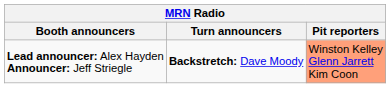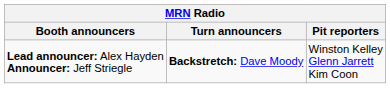 <table class="wikitable" style="font-size: 95%;">
 <tr>
 <th colspan="3"><a href='#'>MRN</a> Radio</th>
 </tr>
 <tr>
 <th>Booth announcers</th>
 <th>Turn announcers</th>
 <th>Pit reporters</th>
 </tr>
 <tr>
 <td><strong>Lead announcer:</strong> Alex Hayden<br><strong>Announcer:</strong> Jeff Striegle<br></td>
 <td><strong>Backstretch:</strong> <a href='#'>Dave Moody</a></td>
-<td style="background: lightsalmon;">Winston Kelley<br><a href='#'>Glenn Jarrett</a><br>Kim Coon</td>
+<td>Winston Kelley<br><a href='#'>Glenn Jarrett</a><br>Kim Coon</td>
 </tr>
 </table>
